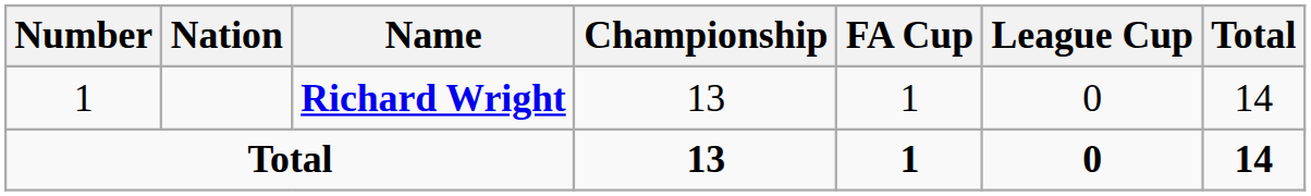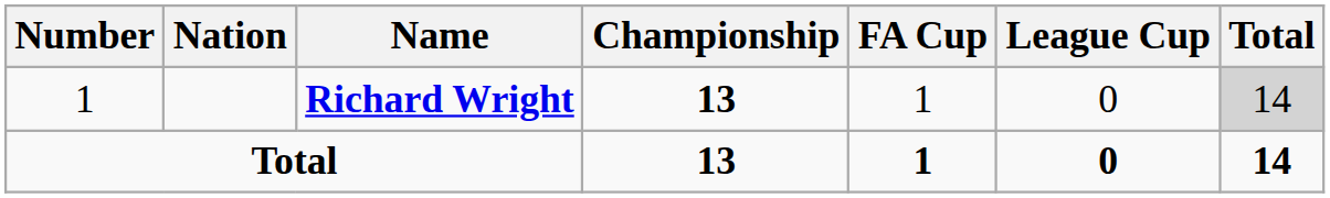 <table class="wikitable" style="text-align:center">
 <tr>
 <th width=0%>Number</th>
 <th width=0%>Nation</th>
 <th width=0%>Name</th>
 <th width=0%>Championship</th>
 <th width=0%>FA Cup</th>
 <th width=0%>League Cup</th>
 <th width=0%>Total</th>
 </tr>
 <tr>
 <td>1</td>
 <td></td>
 <td><strong><a href='#'>Richard Wright</a></strong></td>
-<td>13</td>
+<td><strong>13</strong></td>
 <td>1</td>
 <td>0</td>
-<td>14</td>
+<td style="background: lightgrey;">14</td>
 </tr>
 <tr>
 <td colspan=3><strong>Total</strong></td>
 <td><strong>13</strong></td>
 <td><strong>1</strong></td>
 <td><strong>0</strong></td>
 <td><strong>14</strong></td>
 </tr>
 </table>
